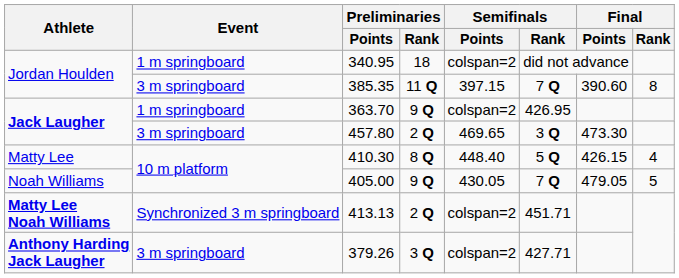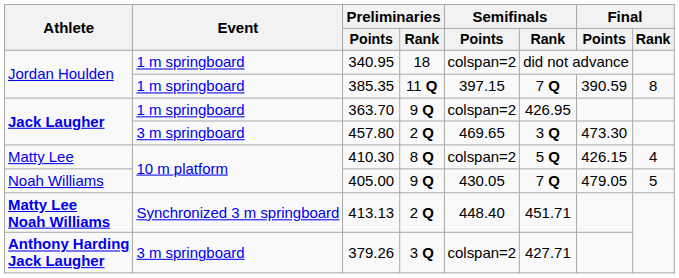 <table class="wikitable" style="text-align:center; font-size:90%">
 <tr>
 <th rowspan="2">Athlete</th>
 <th rowspan="2">Event</th>
 <th colspan="2">Preliminaries</th>
 <th colspan="2">Semifinals</th>
 <th colspan="2">Final</th>
 </tr>
 <tr style="font-size:95%">
 <th>Points</th>
 <th>Rank</th>
 <th>Points</th>
 <th>Rank</th>
 <th>Points</th>
 <th>Rank</th>
 </tr>
 <tr>
 <td align=left rowspan=2><a href='#'>Jordan Houlden</a></td>
 <td align=left><a href='#'>1 m springboard</a></td>
 <td>340.95</td>
 <td>18</td>
 <td>colspan=2 </td>
 <td colspan=2>did not advance</td>
 </tr>
 <tr>
-<td align=left><a href='#'>3 m springboard</a></td>
+<td align=left><a href='#'>1 m springboard</a></td>
 <td>385.35</td>
 <td>11 <strong>Q</strong></td>
 <td>397.15</td>
 <td>7 <strong>Q</strong></td>
-<td>390.60</td>
+<td>390.59</td>
 <td>8</td>
 </tr>
 <tr>
 <td align=left rowspan=2><strong><a href='#'>Jack Laugher</a></strong></td>
 <td align=left><a href='#'>1 m springboard</a></td>
 <td>363.70</td>
 <td>9 <strong>Q</strong></td>
 <td>colspan=2 </td>
 <td>426.95</td>
 <td></td>
 </tr>
 <tr>
 <td align=left><a href='#'>3 m springboard</a></td>
 <td>457.80</td>
 <td>2 <strong>Q</strong></td>
 <td>469.65</td>
 <td>3 <strong>Q</strong></td>
 <td>473.30</td>
 <td></td>
 </tr>
 <tr>
 <td align=left><a href='#'>Matty Lee</a></td>
 <td align=left rowspan=2><a href='#'>10 m platform</a></td>
 <td>410.30</td>
 <td>8 <strong>Q</strong></td>
-<td>448.40</td>
+<td>colspan=2 </td>
 <td>5 <strong>Q</strong></td>
 <td>426.15</td>
 <td>4</td>
 </tr>
 <tr>
 <td align=left><a href='#'>Noah Williams</a></td>
 <td>405.00</td>
 <td>9 <strong>Q</strong></td>
 <td>430.05</td>
 <td>7 <strong>Q</strong></td>
 <td>479.05</td>
 <td>5</td>
 </tr>
 <tr>
 <td align=left><strong><a href='#'>Matty Lee</a><br><a href='#'>Noah Williams</a></strong></td>
 <td align=left><a href='#'>Synchronized 3 m springboard</a></td>
 <td>413.13</td>
 <td>2 <strong>Q</strong></td>
-<td>colspan=2 </td>
+<td>448.40</td>
 <td>451.71</td>
 <td></td>
 </tr>
 <tr>
 <td align=left><strong><a href='#'>Anthony Harding</a><br><a href='#'>Jack Laugher</a></strong></td>
 <td align=left><a href='#'>3 m springboard</a></td>
 <td>379.26</td>
 <td>3 <strong>Q</strong></td>
 <td>colspan=2 </td>
 <td>427.71</td>
 <td></td>
 </tr>
 </table>
